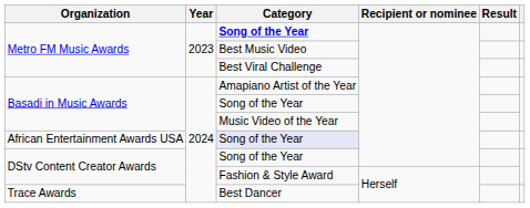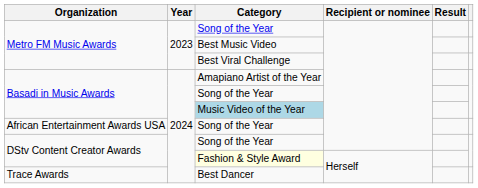 <table class="wikitable sortable plainrowheaders" style="border:none; margin:0;">
 <tr>
 <th scope="col">Organization</th>
 <th scope="col">Year</th>
 <th scope="col">Category</th>
 <th scope="col">Recipient or nominee</th>
 <th scope="col">Result</th>
 <th class="unsortable" scope="col"></th>
 </tr>
 <tr>
 <td scope="row" rowspan="3"><a href='#'>Metro FM Music Awards</a></td>
 <td rowspan="3">2023</td>
-<td><strong><a href='#'>Song of the Year</a></strong></td>
+<td><a href='#'>Song of the Year</a></td>
 <td rowspan="8"></td>
 <td></td>
 <td style="text-align:center"></td>
 </tr>
 <tr>
 <td>Best Music Video</td>
 <td></td>
 <td style="text-align:center"></td>
 </tr>
 <tr>
 <td>Best Viral Challenge</td>
 <td></td>
 <td style="text-align:center"></td>
 </tr>
 <tr>
 <td scope="row" rowspan="3"><a href='#'>Basadi in Music Awards</a></td>
 <td rowspan=7>2024</td>
 <td>Amapiano Artist of the Year</td>
 <td></td>
 <td rowspan=3></td>
 </tr>
 <tr>
 <td>Song of the Year</td>
 <td></td>
 </tr>
 <tr>
-<td>Music Video of the Year</td>
+<td style="background: lightblue;">Music Video of the Year</td>
 <td></td>
 </tr>
 <tr>
 <td scope="row">African Entertainment Awards USA</td>
-<td style="background: lavender;">Song of the Year</td>
+<td>Song of the Year</td>
 <td></td>
 <td></td>
 </tr>
 <tr>
 <td scope="row" rowspan=2>DStv Content Creator Awards</td>
 <td>Song of the Year</td>
 <td></td>
 <td rowspan=2></td>
 </tr>
 <tr>
-<td>Fashion & Style Award</td>
+<td style="background: lightyellow;">Fashion & Style Award</td>
 <td rowspan=2>Herself</td>
 <td></td>
 </tr>
 <tr>
 <td scope="row">Trace Awards</td>
 <td>Best Dancer</td>
 <td></td>
 <td></td>
 </tr>
 </table>
